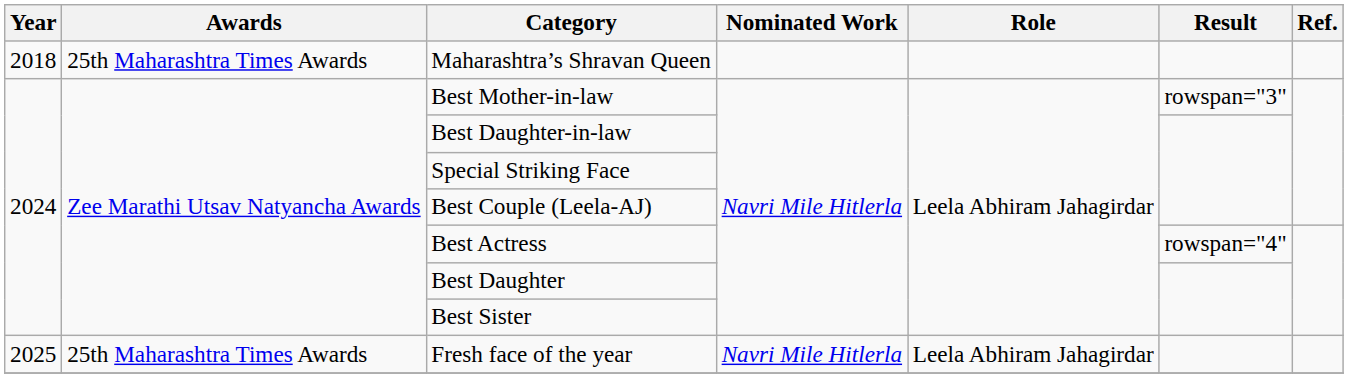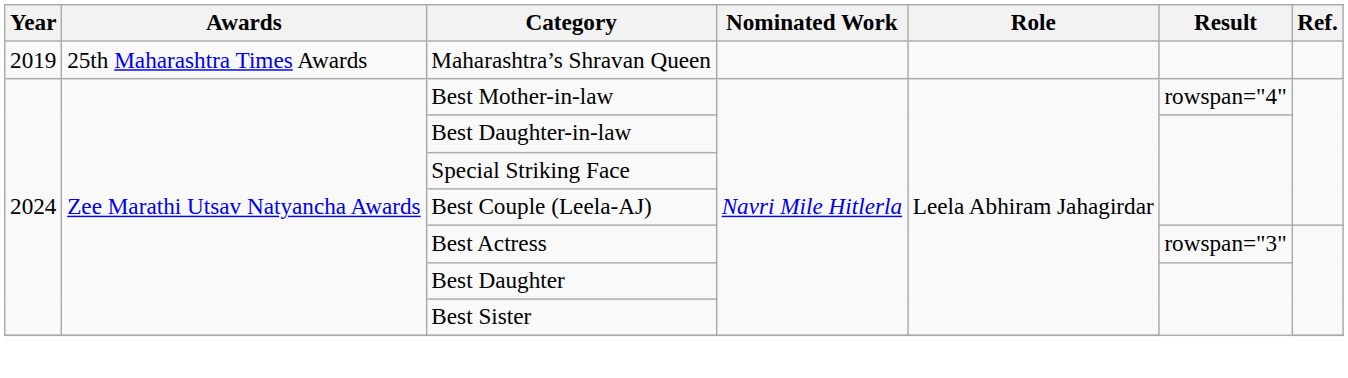 <table class="wikitable">
 <tr>
 <th>Year</th>
 <th>Awards</th>
 <th>Category</th>
 <th>Nominated Work</th>
 <th>Role</th>
 <th>Result</th>
 <th>Ref.</th>
 </tr>
 <tr>
-<td>2018</td>
+<td>2019</td>
 <td>25th <a href='#'>Maharashtra Times</a> Awards</td>
 <td>Maharashtra’s Shravan Queen</td>
 <td></td>
 <td></td>
 <td></td>
 <td></td>
 </tr>
 <tr>
 <td rowspan="7">2024</td>
 <td rowspan="7"><a href='#'>Zee Marathi Utsav Natyancha Awards</a></td>
 <td>Best Mother-in-law</td>
 <td rowspan="7"><em><a href='#'>Navri Mile Hitlerla</a></em></td>
 <td rowspan="7">Leela Abhiram Jahagirdar</td>
-<td>rowspan="3" </td>
+<td>rowspan="4" </td>
 <td rowspan="4"></td>
 </tr>
 <tr>
 <td>Best Daughter-in-law</td>
 </tr>
 <tr>
 <td>Special Striking Face</td>
 </tr>
 <tr>
 <td>Best Couple (Leela-AJ)</td>
 </tr>
 <tr>
 <td>Best Actress</td>
-<td>rowspan="4" </td>
+<td>rowspan="3" </td>
 <td rowspan="3"></td>
 </tr>
 <tr>
 <td>Best Daughter</td>
 </tr>
 <tr>
 <td>Best Sister</td>
 </tr>
 <tr>
-<td>2025</td>
-<td>25th <a href='#'>Maharashtra Times</a> Awards</td>
-<td>Fresh face of the year</td>
-<td><em><a href='#'>Navri Mile Hitlerla</a></em></td>
-<td>Leela Abhiram Jahagirdar</td>
-<td></td>
-<td></td>
-</tr>
-<tr>
 </tr>
 </table>
